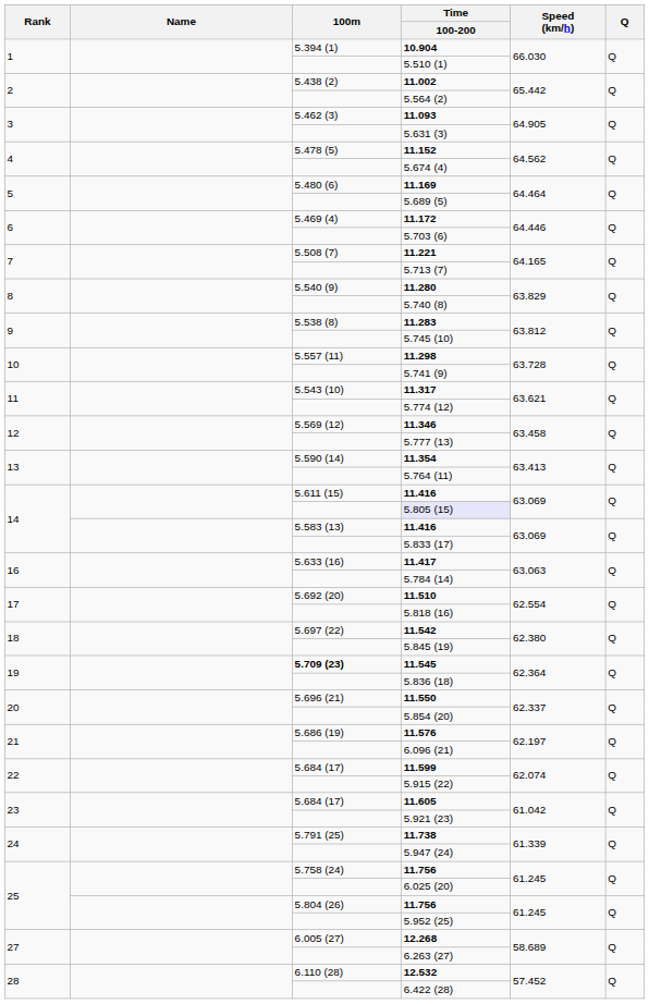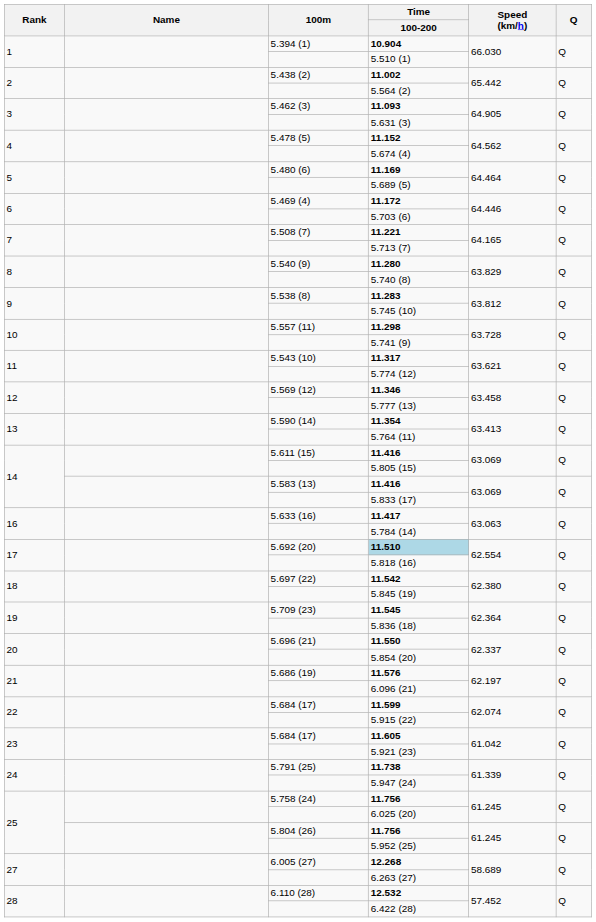 <table class="wikitable" width=75%>
 <tr>
 <th rowspan=2 width=20>Rank</th>
 <th rowspan=2 width=150>Name</th>
 <th rowspan=2 width=70>100m</th>
 <th width=70>Time</th>
 <th rowspan=2 width=60>Speed<br>(km/<a href='#'>h</a>)</th>
 <th width=20 rowspan=2>Q</th>
 </tr>
 <tr>
 <th>100-200</th>
 </tr>
 <tr>
 <td rowspan=2>1</td>
 <td rowspan=2></td>
 <td>5.394 (1)</td>
 <td><strong>10.904</strong></td>
 <td rowspan=2>66.030</td>
 <td rowspan=2>Q</td>
 </tr>
 <tr>
 <td></td>
 <td>5.510 (1)</td>
 </tr>
 <tr>
 <td rowspan=2>2</td>
 <td rowspan=2></td>
 <td>5.438 (2)</td>
 <td><strong>11.002</strong></td>
 <td rowspan=2>65.442</td>
 <td rowspan=2>Q</td>
 </tr>
 <tr>
 <td></td>
 <td>5.564 (2)</td>
 </tr>
 <tr>
 <td rowspan=2>3</td>
 <td rowspan=2></td>
 <td>5.462 (3)</td>
 <td><strong>11.093</strong></td>
 <td rowspan=2>64.905</td>
 <td rowspan=2>Q</td>
 </tr>
 <tr>
 <td></td>
 <td>5.631 (3)</td>
 </tr>
 <tr>
 <td rowspan=2>4</td>
 <td rowspan=2></td>
 <td>5.478 (5)</td>
 <td><strong>11.152</strong></td>
 <td rowspan=2>64.562</td>
 <td rowspan=2>Q</td>
 </tr>
 <tr>
 <td></td>
 <td>5.674 (4)</td>
 </tr>
 <tr>
 <td rowspan=2>5</td>
 <td rowspan=2></td>
 <td>5.480 (6)</td>
 <td><strong>11.169</strong></td>
 <td rowspan=2>64.464</td>
 <td rowspan=2>Q</td>
 </tr>
 <tr>
 <td></td>
 <td>5.689 (5)</td>
 </tr>
 <tr>
 <td rowspan=2>6</td>
 <td rowspan=2></td>
 <td>5.469 (4)</td>
 <td><strong>11.172</strong></td>
 <td rowspan=2>64.446</td>
 <td rowspan=2>Q</td>
 </tr>
 <tr>
 <td></td>
 <td>5.703 (6)</td>
 </tr>
 <tr>
 <td rowspan=2>7</td>
 <td rowspan=2></td>
 <td>5.508 (7)</td>
 <td><strong>11.221</strong></td>
 <td rowspan=2>64.165</td>
 <td rowspan=2>Q</td>
 </tr>
 <tr>
 <td></td>
 <td>5.713 (7)</td>
 </tr>
 <tr>
 <td rowspan=2>8</td>
 <td rowspan=2></td>
 <td>5.540 (9)</td>
 <td><strong>11.280</strong></td>
 <td rowspan=2>63.829</td>
 <td rowspan=2>Q</td>
 </tr>
 <tr>
 <td></td>
 <td>5.740 (8)</td>
 </tr>
 <tr>
 <td rowspan=2>9</td>
 <td rowspan=2></td>
 <td>5.538 (8)</td>
 <td><strong>11.283</strong></td>
 <td rowspan=2>63.812</td>
 <td rowspan=2>Q</td>
 </tr>
 <tr>
 <td></td>
 <td>5.745 (10)</td>
 </tr>
 <tr>
 <td rowspan=2>10</td>
 <td rowspan=2></td>
 <td>5.557 (11)</td>
 <td><strong>11.298</strong></td>
 <td rowspan=2>63.728</td>
 <td rowspan=2>Q</td>
 </tr>
 <tr>
 <td></td>
 <td>5.741 (9)</td>
 </tr>
 <tr>
 <td rowspan=2>11</td>
 <td rowspan=2></td>
 <td>5.543 (10)</td>
 <td><strong>11.317</strong></td>
 <td rowspan=2>63.621</td>
 <td rowspan=2>Q</td>
 </tr>
 <tr>
 <td></td>
 <td>5.774 (12)</td>
 </tr>
 <tr>
 <td rowspan=2>12</td>
 <td rowspan=2></td>
 <td>5.569 (12)</td>
 <td><strong>11.346</strong></td>
 <td rowspan=2>63.458</td>
 <td rowspan=2>Q</td>
 </tr>
 <tr>
 <td></td>
 <td>5.777 (13)</td>
 </tr>
 <tr>
 <td rowspan=2>13</td>
 <td rowspan=2></td>
 <td>5.590 (14)</td>
 <td><strong>11.354</strong></td>
 <td rowspan=2>63.413</td>
 <td rowspan=2>Q</td>
 </tr>
 <tr>
 <td></td>
 <td>5.764 (11)</td>
 </tr>
 <tr>
 <td rowspan=4>14</td>
 <td rowspan=2></td>
 <td>5.611 (15)</td>
 <td><strong>11.416</strong></td>
 <td rowspan=2>63.069</td>
 <td rowspan=2>Q</td>
 </tr>
 <tr>
 <td></td>
-<td style="background: lavender;">5.805 (15)</td>
+<td>5.805 (15)</td>
 </tr>
 <tr>
 <td rowspan=2></td>
 <td>5.583 (13)</td>
 <td><strong>11.416</strong></td>
 <td rowspan=2>63.069</td>
 <td rowspan=2>Q</td>
 </tr>
 <tr>
 <td></td>
 <td>5.833 (17)</td>
 </tr>
 <tr>
 <td rowspan=2>16</td>
 <td rowspan=2></td>
 <td>5.633 (16)</td>
 <td><strong>11.417</strong></td>
 <td rowspan=2>63.063</td>
 <td rowspan=2>Q</td>
 </tr>
 <tr>
 <td></td>
 <td>5.784 (14)</td>
 </tr>
 <tr>
 <td rowspan=2>17</td>
 <td rowspan=2></td>
 <td>5.692 (20)</td>
-<td><strong>11.510</strong></td>
+<td style="background: lightblue;"><strong>11.510</strong></td>
 <td rowspan=2>62.554</td>
 <td rowspan=2>Q</td>
 </tr>
 <tr>
 <td></td>
 <td>5.818 (16)</td>
 </tr>
 <tr>
 <td rowspan=2>18</td>
 <td rowspan=2></td>
 <td>5.697 (22)</td>
 <td><strong>11.542</strong></td>
 <td rowspan=2>62.380</td>
 <td rowspan=2>Q</td>
 </tr>
 <tr>
 <td></td>
 <td>5.845 (19)</td>
 </tr>
 <tr>
 <td rowspan=2>19</td>
 <td rowspan=2></td>
-<td><strong>5.709 (23)</strong></td>
+<td>5.709 (23)</td>
 <td><strong>11.545</strong></td>
 <td rowspan=2>62.364</td>
 <td rowspan=2>Q</td>
 </tr>
 <tr>
 <td></td>
 <td>5.836 (18)</td>
 </tr>
 <tr>
 <td rowspan=2>20</td>
 <td rowspan=2></td>
 <td>5.696 (21)</td>
 <td><strong>11.550</strong></td>
 <td rowspan=2>62.337</td>
 <td rowspan=2>Q</td>
 </tr>
 <tr>
 <td></td>
 <td>5.854 (20)</td>
 </tr>
 <tr>
 <td rowspan=2>21</td>
 <td rowspan=2></td>
 <td>5.686 (19)</td>
 <td><strong>11.576</strong></td>
 <td rowspan=2>62.197</td>
 <td rowspan=2>Q</td>
 </tr>
 <tr>
 <td></td>
 <td>6.096 (21)</td>
 </tr>
 <tr>
 <td rowspan=2>22</td>
 <td rowspan=2></td>
 <td>5.684 (17)</td>
 <td><strong>11.599</strong></td>
 <td rowspan=2>62.074</td>
 <td rowspan=2>Q</td>
 </tr>
 <tr>
 <td></td>
 <td>5.915 (22)</td>
 </tr>
 <tr>
 <td rowspan=2>23</td>
 <td rowspan=2></td>
 <td>5.684 (17)</td>
 <td><strong>11.605</strong></td>
 <td rowspan=2>61.042</td>
 <td rowspan=2>Q</td>
 </tr>
 <tr>
 <td></td>
 <td>5.921 (23)</td>
 </tr>
 <tr>
 <td rowspan=2>24</td>
 <td rowspan=2></td>
 <td>5.791 (25)</td>
 <td><strong>11.738</strong></td>
 <td rowspan=2>61.339</td>
 <td rowspan=2>Q</td>
 </tr>
 <tr>
 <td></td>
 <td>5.947 (24)</td>
 </tr>
 <tr>
 <td rowspan=4>25</td>
 <td rowspan=2></td>
 <td>5.758 (24)</td>
 <td><strong>11.756</strong></td>
 <td rowspan=2>61.245</td>
 <td rowspan=2>Q</td>
 </tr>
 <tr>
 <td></td>
 <td>6.025 (20)</td>
 </tr>
 <tr>
 <td rowspan=2></td>
 <td>5.804 (26)</td>
 <td><strong>11.756</strong></td>
 <td rowspan=2>61.245</td>
 <td rowspan=2>Q</td>
 </tr>
 <tr>
 <td></td>
 <td>5.952 (25)</td>
 </tr>
 <tr>
 <td rowspan=2>27</td>
 <td rowspan=2></td>
 <td>6.005 (27)</td>
 <td><strong>12.268</strong></td>
 <td rowspan=2>58.689</td>
 <td rowspan=2>Q</td>
 </tr>
 <tr>
 <td></td>
 <td>6.263 (27)</td>
 </tr>
 <tr>
 <td rowspan=2>28</td>
 <td rowspan=2></td>
 <td>6.110 (28)</td>
 <td><strong>12.532</strong></td>
 <td rowspan=2>57.452</td>
 <td rowspan=2>Q</td>
 </tr>
 <tr>
 <td></td>
 <td>6.422 (28)</td>
 </tr>
 </table>
